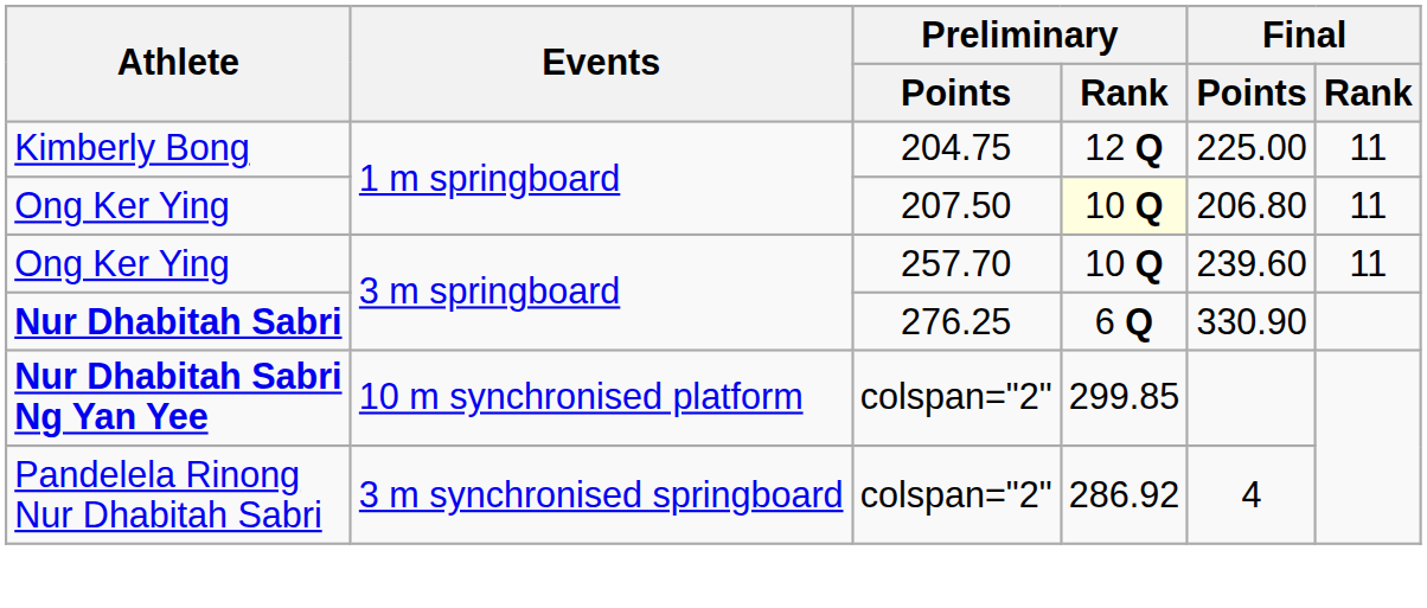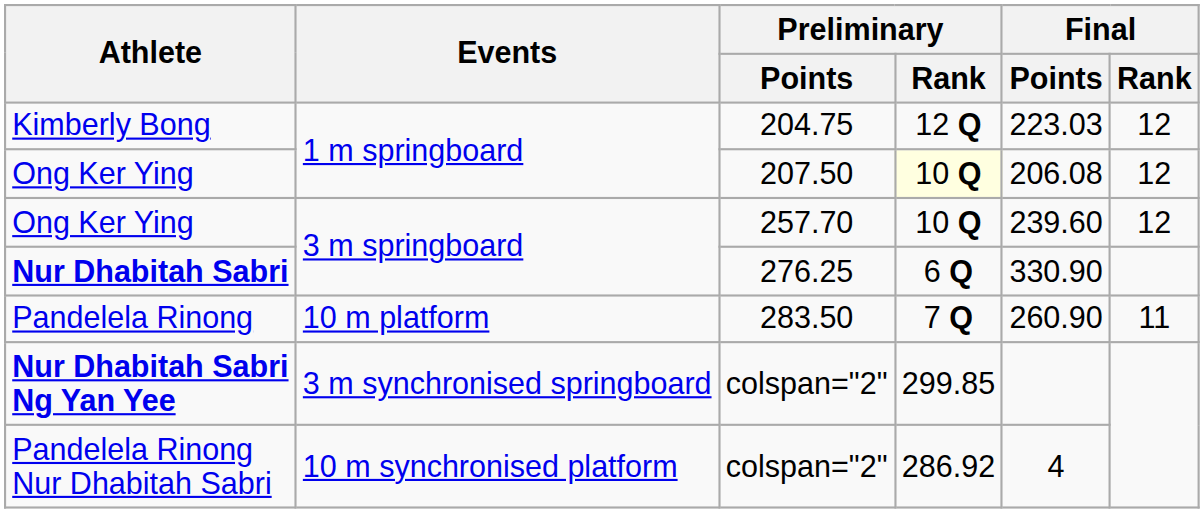 <table class=wikitable style="font-size:90%">
 <tr>
 <th rowspan="2">Athlete</th>
 <th rowspan="2">Events</th>
 <th colspan="2">Preliminary</th>
 <th colspan="2">Final</th>
 </tr>
 <tr>
 <th>Points</th>
 <th>Rank</th>
 <th>Points</th>
 <th>Rank</th>
 </tr>
 <tr style="text-align:center">
 <td style="text-align:left"><a href='#'>Kimberly Bong</a></td>
 <td style="text-align:left" rowspan=2><a href='#'>1 m springboard</a></td>
 <td>204.75</td>
 <td>12 <strong>Q</strong></td>
-<td>225.00</td>
-<td>11</td>
+<td>223.03</td>
+<td>12</td>
 </tr>
 <tr style="text-align:center">
 <td style="text-align:left"><a href='#'>Ong Ker Ying</a></td>
 <td>207.50</td>
 <td style="background: lightyellow;">10 <strong>Q</strong></td>
-<td>206.80</td>
-<td>11</td>
+<td>206.08</td>
+<td>12</td>
 </tr>
 <tr style="text-align:center">
 <td style="text-align:left"><a href='#'>Ong Ker Ying</a></td>
 <td style="text-align:left" rowspan=2><a href='#'>3 m springboard</a></td>
 <td>257.70</td>
 <td>10 <strong>Q</strong></td>
 <td>239.60</td>
-<td>11</td>
+<td>12</td>
 </tr>
 <tr style="text-align:center">
 <td style="text-align:left"><strong><a href='#'>Nur Dhabitah Sabri</a></strong></td>
 <td>276.25</td>
 <td>6 <strong>Q</strong></td>
 <td>330.90</td>
 <td></td>
 </tr>
 <tr style="text-align:center">
+<td style="text-align:left"><a href='#'>Pandelela Rinong</a></td>
+<td style="text-align:left"><a href='#'>10 m platform</a></td>
+<td>283.50</td>
+<td>7 <strong>Q</strong></td>
+<td>260.90</td>
+<td>11</td>
+</tr>
+<tr style="text-align:center">
 <td style="text-align:left"><strong><a href='#'>Nur Dhabitah Sabri</a><br><a href='#'>Ng Yan Yee</a></strong></td>
-<td style="text-align:left"><a href='#'>10 m synchronised platform</a></td>
+<td style="text-align:left"><a href='#'>3 m synchronised springboard</a></td>
 <td>colspan="2" </td>
 <td>299.85</td>
 <td></td>
 </tr>
 <tr style="text-align:center">
 <td style="text-align:left"><a href='#'>Pandelela Rinong</a><br><a href='#'>Nur Dhabitah Sabri</a></td>
-<td style="text-align:left"><a href='#'>3 m synchronised springboard</a></td>
+<td style="text-align:left"><a href='#'>10 m synchronised platform</a></td>
 <td>colspan="2" </td>
 <td>286.92</td>
 <td>4</td>
 </tr>
 </table>
